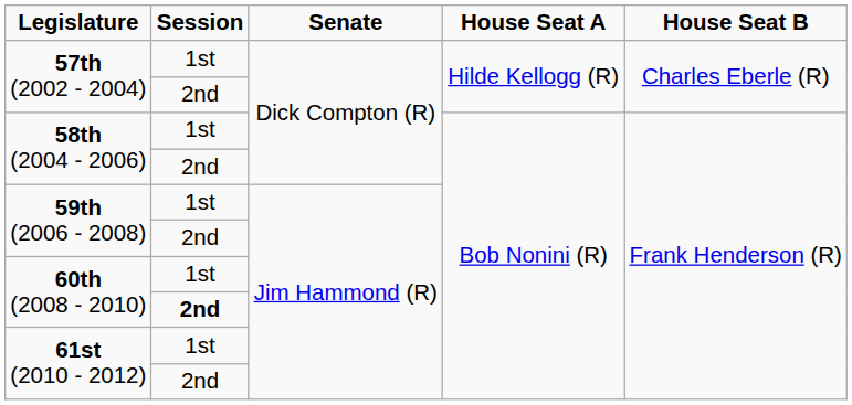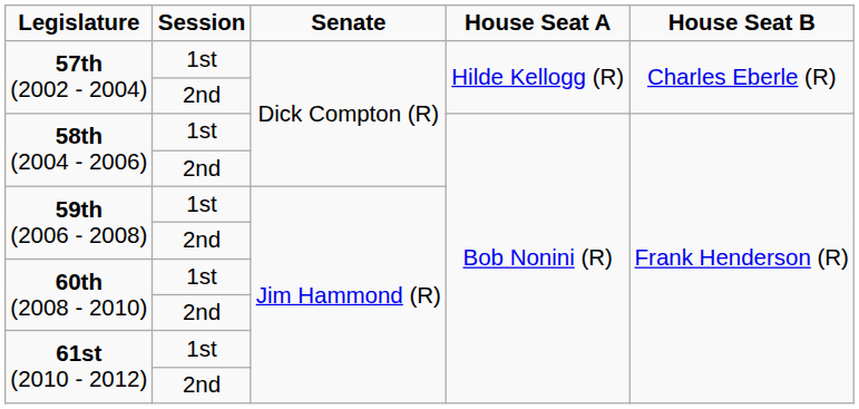 <table class=wikitable style="text-align:center">
 <tr>
 <td><strong>Legislature</strong></td>
 <td><strong>Session</strong></td>
 <td><strong>Senate</strong></td>
 <td><strong>House Seat A</strong></td>
 <td><strong>House Seat B</strong></td>
 </tr>
 <tr>
 <td rowspan="2" colspan="1" style="text-align: center;"><strong>57th</strong> <br> (2002 - 2004)</td>
 <td>1st</td>
 <td rowspan="4" colspan="1" style="text-align: center;" >Dick Compton (R)</td>
 <td rowspan="2" colspan="1" style="text-align: center;" ><a href='#'>Hilde Kellogg</a> (R)</td>
 <td rowspan="2" colspan="1" style="text-align: center;" ><a href='#'>Charles Eberle</a> (R)</td>
 </tr>
 <tr>
 <td>2nd</td>
 </tr>
 <tr>
 <td rowspan="2" colspan="1" style="text-align: center;"><strong>58th</strong> <br> (2004 - 2006)</td>
 <td>1st</td>
 <td rowspan="8" colspan="1" style="text-align: center;" ><a href='#'>Bob Nonini</a> (R)</td>
 <td rowspan="8" colspan="1" style="text-align: center;" ><a href='#'>Frank Henderson</a> (R)</td>
 </tr>
 <tr>
 <td>2nd</td>
 </tr>
 <tr>
 <td rowspan="2" colspan="1" style="text-align: center;"><strong>59th</strong> <br> (2006 - 2008)</td>
 <td>1st</td>
 <td rowspan="6" colspan="1" style="text-align: center;" ><a href='#'>Jim Hammond</a> (R)</td>
 </tr>
 <tr>
 <td>2nd</td>
 </tr>
 <tr>
 <td rowspan="2" colspan="1" style="text-align: center;"><strong>60th</strong> <br> (2008 - 2010)</td>
 <td>1st</td>
 </tr>
 <tr>
-<td><strong>2nd</strong></td>
+<td>2nd</td>
 </tr>
 <tr>
 <td rowspan="2" colspan="1" style="text-align: center;"><strong>61st</strong> <br> (2010 - 2012)</td>
 <td>1st</td>
 </tr>
 <tr>
 <td>2nd</td>
 </tr>
 </table>
